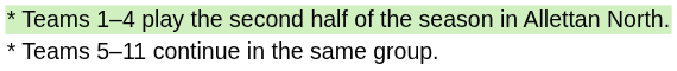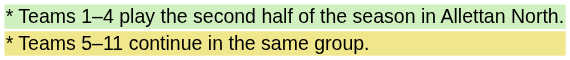 <table>
 <tr style="background: #D0F0C0;">
 <td>* Teams 1–4 play the second half of the season in Allettan North.</td>
 </tr>
 <tr>
-<td>* Teams 5–11 continue in the same group.</td>
+<td style="background: khaki;">* Teams 5–11 continue in the same group.</td>
 </tr>
 </table>
